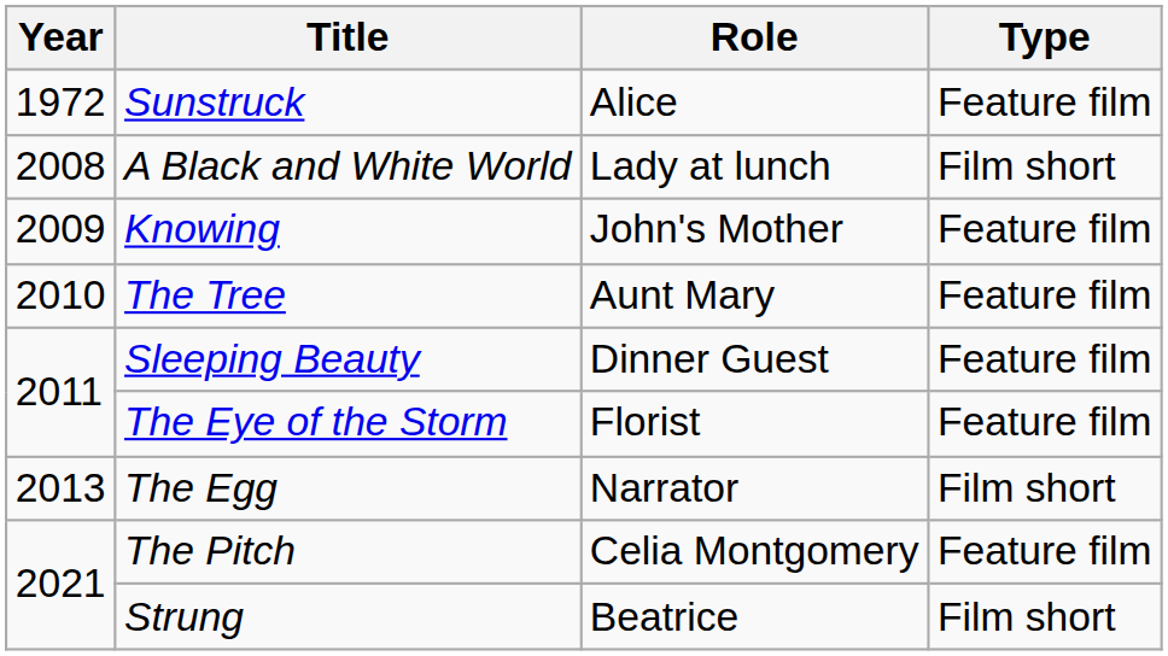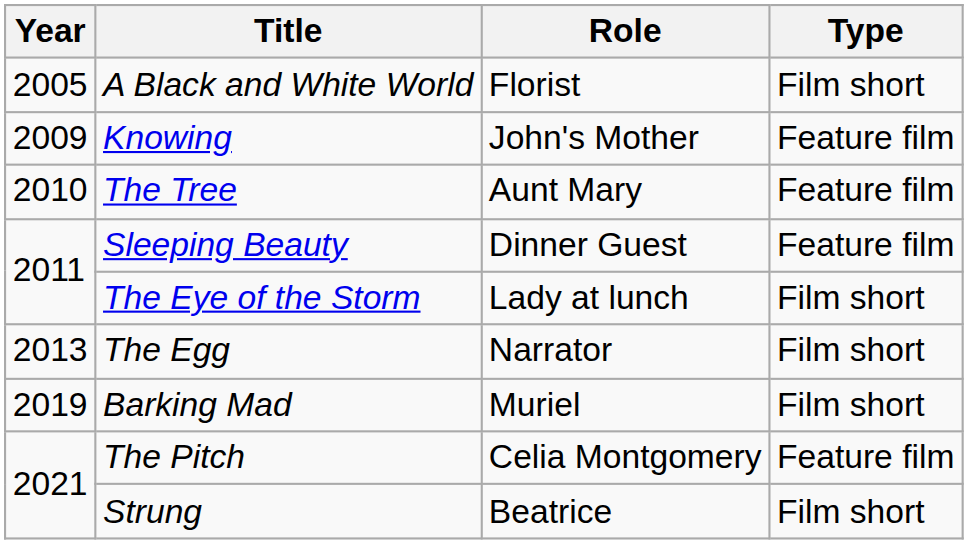 <table class="wikitable">
 <tr>
 <th>Year</th>
 <th>Title</th>
 <th>Role</th>
 <th>Type</th>
 </tr>
 <tr>
-<td>1972</td>
-<td><em><a href='#'>Sunstruck</a></em></td>
-<td>Alice</td>
-<td>Feature film</td>
-</tr>
-<tr>
-<td>2008</td>
+<td>2005</td>
 <td><em>A Black and White World</em></td>
-<td>Lady at lunch</td>
+<td>Florist</td>
 <td>Film short</td>
 </tr>
 <tr>
 <td>2009</td>
 <td><em><a href='#'>Knowing</a></em></td>
 <td>John's Mother</td>
 <td>Feature film</td>
 </tr>
 <tr>
 <td>2010</td>
 <td><em><a href='#'>The Tree</a></em></td>
 <td>Aunt Mary</td>
 <td>Feature film</td>
 </tr>
 <tr>
 <td Rowspan="2">2011</td>
 <td><em><a href='#'>Sleeping Beauty</a></em></td>
 <td>Dinner Guest</td>
 <td>Feature film</td>
 </tr>
 <tr>
 <td><em><a href='#'>The Eye of the Storm</a></em></td>
-<td>Florist</td>
-<td>Feature film</td>
+<td>Lady at lunch</td>
+<td>Film short</td>
 </tr>
 <tr>
 <td>2013</td>
 <td><em>The Egg</em></td>
 <td>Narrator</td>
+<td>Film short</td>
+</tr>
+<tr>
+<td>2019</td>
+<td><em>Barking Mad</em></td>
+<td>Muriel</td>
 <td>Film short</td>
 </tr>
 <tr>
 <td Rowspan="2">2021</td>
 <td><em>The Pitch</em></td>
 <td>Celia Montgomery</td>
 <td>Feature film</td>
 </tr>
 <tr>
 <td><em>Strung</em></td>
 <td>Beatrice</td>
 <td>Film short</td>
 </tr>
 </table>
